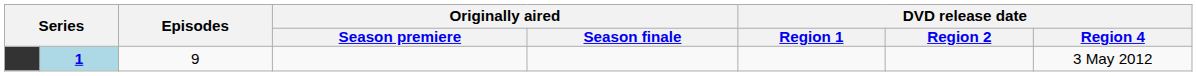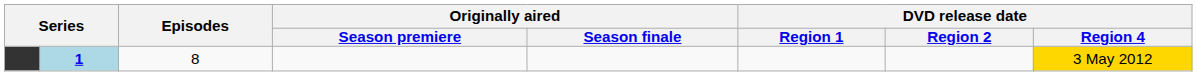 <table class="wikitable"  style="width:99%; text-align:center;">
 <tr>
 <th style="padding: 0 8px;" colspan="2" rowspan="2">Series</th>
 <th style="padding: 0 8px;" rowspan="2">Episodes</th>
 <th colspan="2">Originally aired</th>
 <th colspan="3">DVD release date</th>
 </tr>
 <tr>
 <th style="padding: 0 8px;"><a href='#'>Season premiere</a></th>
 <th style="padding: 0 8px;"><a href='#'>Season finale</a></th>
 <th style="padding: 0 8px;"><a href='#'>Region 1</a></th>
 <th style="padding: 0 8px;"><a href='#'>Region 2</a></th>
 <th style="padding: 0 8px;"><a href='#'>Region 4</a></th>
 </tr>
 <tr>
 <td style="background:#333333;"></td>
 <td style="background: lightblue;"><strong><a href='#'>1</a></strong></td>
-<td>9</td>
+<td>8</td>
 <td style="padding: 0 8px;"></td>
 <td style="padding: 0 8px;"></td>
 <td></td>
 <td></td>
-<td>3 May 2012</td>
+<td style="background: gold;">3 May 2012</td>
 </tr>
 </table>
